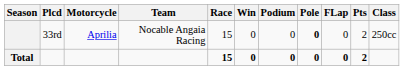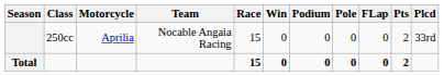 <table class="wikitable" style=text-align:right>
 <tr>
 <th>Season</th>
-<th>Plcd</th>
+<th>Class</th>
 <th>Motorcycle</th>
 <th>Team</th>
 <th>Race</th>
 <th>Win</th>
 <th>Podium</th>
 <th>Pole</th>
 <th>FLap</th>
 <th>Pts</th>
-<th>Class</th>
+<th>Plcd</th>
 </tr>
 <tr>
 <th></th>
-<td>33rd</td>
+<td>250cc</td>
 <td><a href='#'>Aprilia</a></td>
 <td>Nocable Angaia Racing</td>
 <td>15</td>
 <td>0</td>
 <td>0</td>
-<td><strong>0</strong></td>
+<td>0</td>
 <td>0</td>
 <td>2</td>
-<td>250cc</td>
+<td>33rd</td>
 </tr>
 <tr>
 <th>Total</th>
 <td></td>
 <td></td>
 <td></td>
 <td><strong>15</strong></td>
 <td><strong>0</strong></td>
 <td><strong>0</strong></td>
 <td><strong>0</strong></td>
 <td><strong>0</strong></td>
 <td><strong>2</strong></td>
 <td></td>
 </tr>
 </table>
